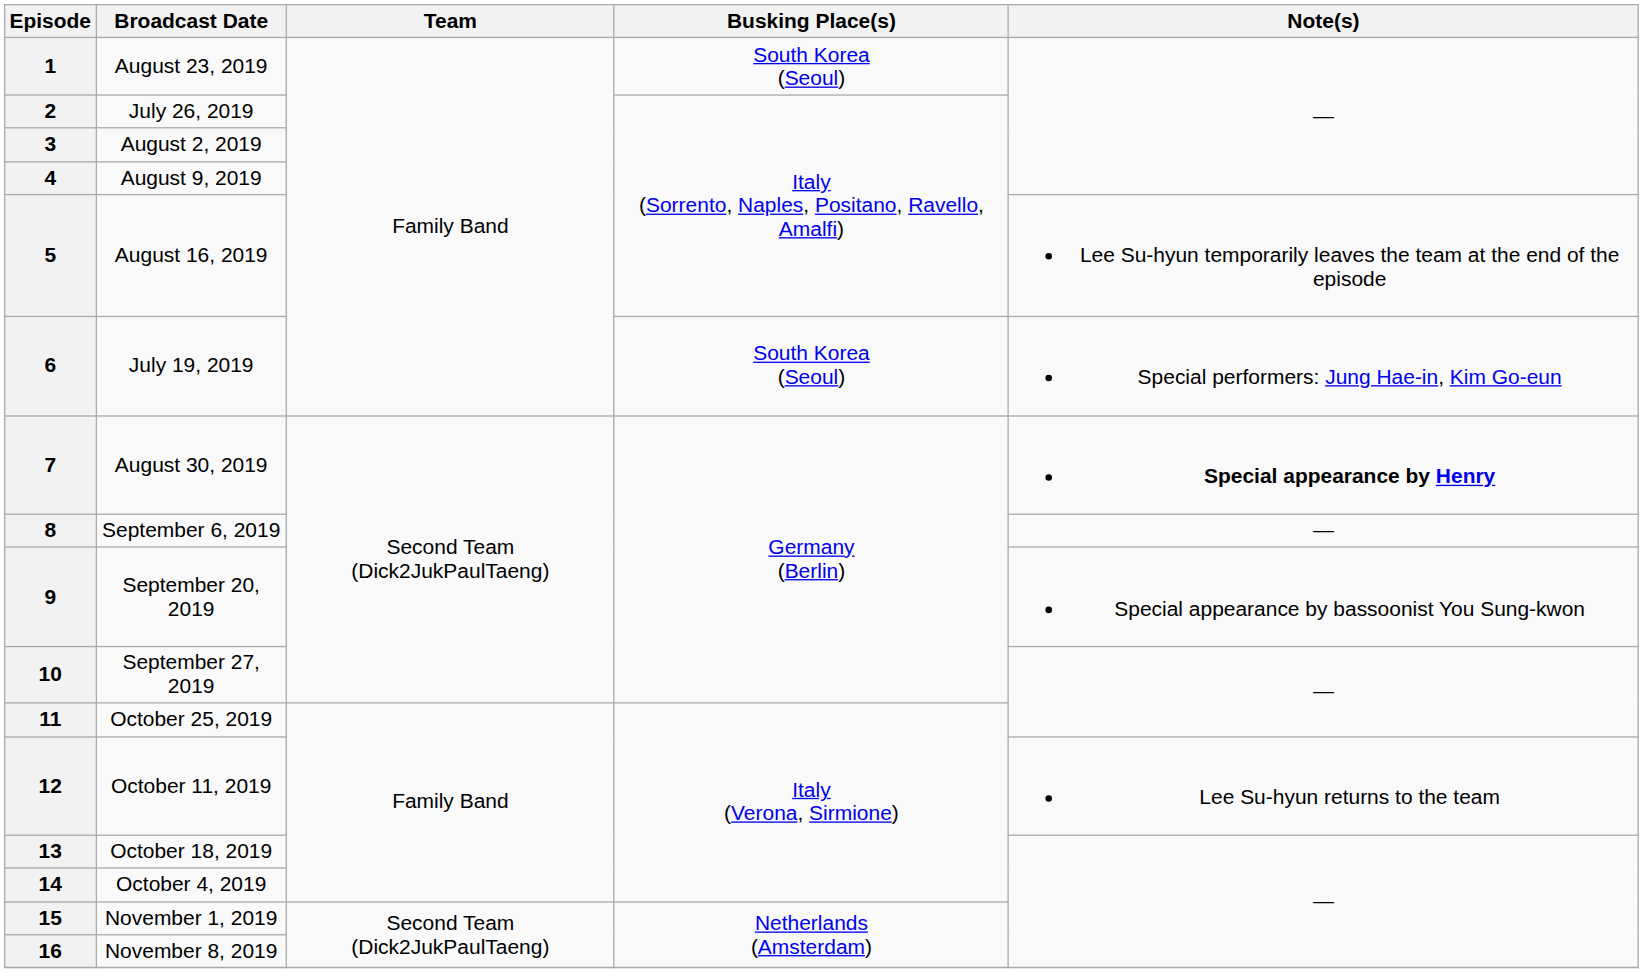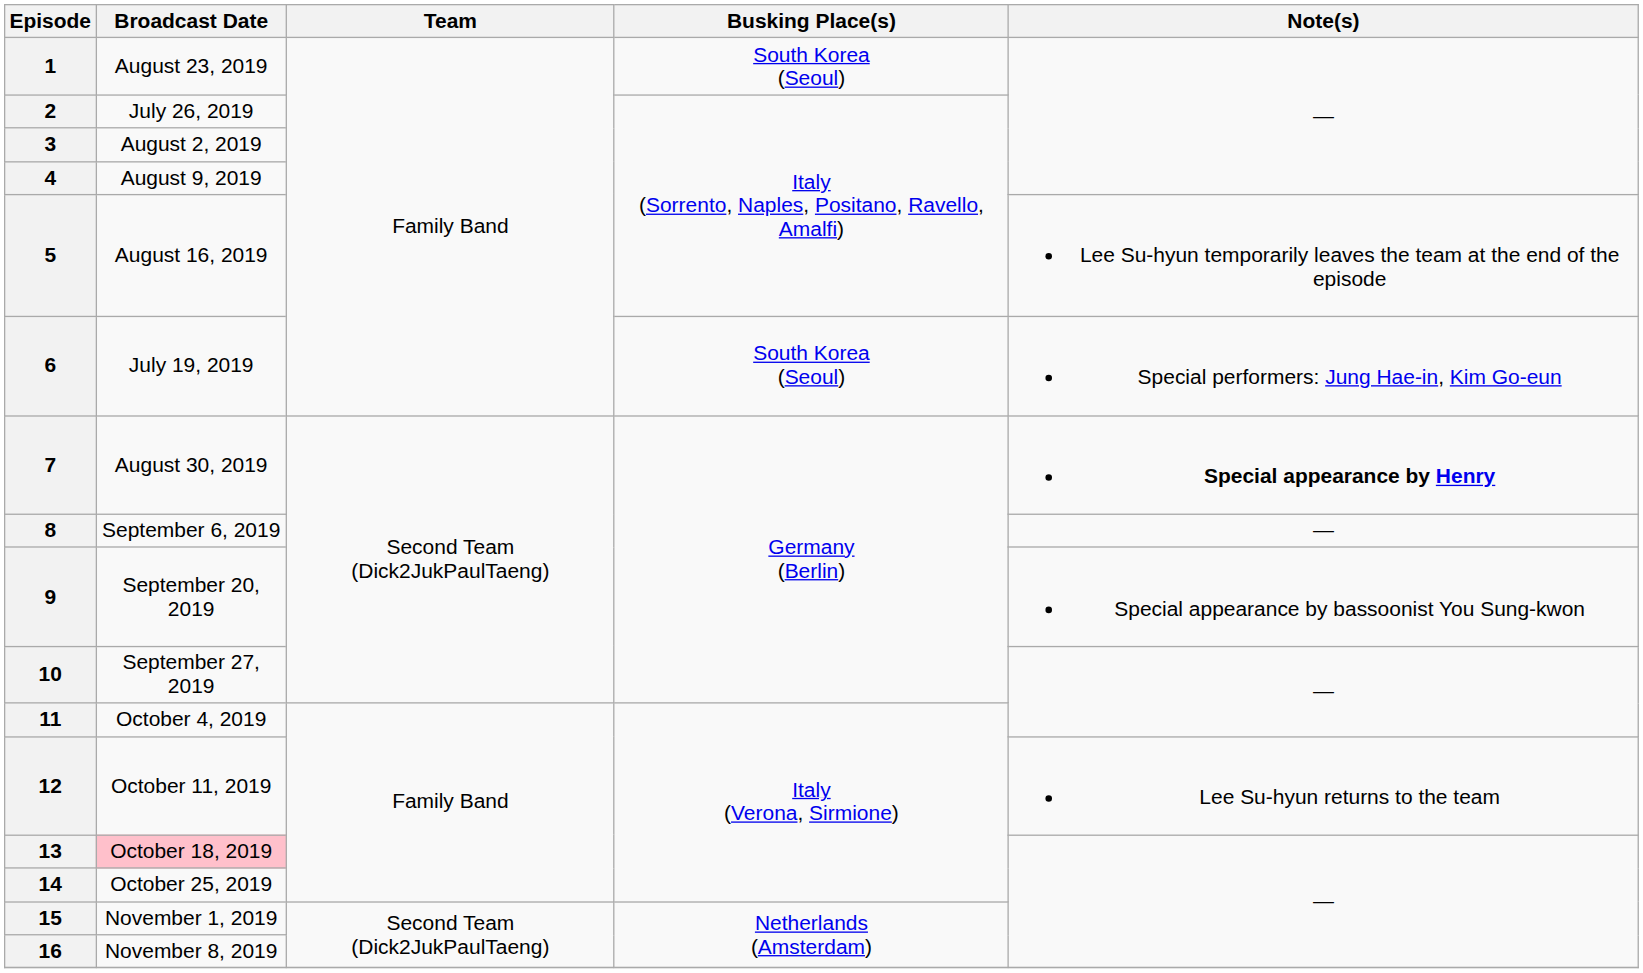 <table class="wikitable" style="text-align:center;">
 <tr>
 <th width=20>Episode</th>
 <th>Broadcast Date</th>
 <th>Team</th>
 <th>Busking Place(s)</th>
 <th>Note(s)</th>
 </tr>
 <tr>
 <th>1</th>
 <td>August 23, 2019</td>
 <td rowspan="6">Family Band</td>
 <td><a href='#'>South Korea</a><br>(<a href='#'>Seoul</a>)</td>
 <td rowspan="4">—</td>
 </tr>
 <tr>
 <th>2</th>
 <td>July 26, 2019</td>
 <td rowspan="4"><a href='#'>Italy</a><br>(<a href='#'>Sorrento</a>, <a href='#'>Naples</a>, <a href='#'>Positano</a>, <a href='#'>Ravello</a>, <a href='#'>Amalfi</a>)</td>
 </tr>
 <tr>
 <th>3</th>
 <td>August 2, 2019</td>
 </tr>
 <tr>
 <th>4</th>
 <td>August 9, 2019</td>
 </tr>
 <tr>
 <th>5</th>
 <td>August 16, 2019</td>
 <td><br><ul><li>Lee Su-hyun temporarily leaves the team at the end of the episode</li></ul></td>
 </tr>
 <tr>
 <th>6</th>
 <td>July 19, 2019</td>
 <td><a href='#'>South Korea</a><br>(<a href='#'>Seoul</a>)</td>
 <td><br><ul><li>Special performers: <a href='#'>Jung Hae-in</a>, <a href='#'>Kim Go-eun</a></li></ul></td>
 </tr>
 <tr>
 <th>7</th>
 <td>August 30, 2019</td>
 <td rowspan="4">Second Team (Dick2JukPaulTaeng)</td>
 <td rowspan="4"><a href='#'>Germany</a><br>(<a href='#'>Berlin</a>)</td>
 <td><strong><br><ul><li>Special appearance by <a href='#'>Henry</a></li></ul></strong></td>
 </tr>
 <tr>
 <th>8</th>
 <td>September 6, 2019</td>
 <td>—</td>
 </tr>
 <tr>
 <th>9</th>
 <td>September 20, 2019</td>
 <td><br><ul><li>Special appearance by bassoonist You Sung-kwon</li></ul></td>
 </tr>
 <tr>
 <th>10</th>
 <td>September 27, 2019</td>
 <td rowspan="2">—</td>
 </tr>
 <tr>
 <th>11</th>
-<td>October 25, 2019</td>
+<td>October 4, 2019</td>
 <td rowspan="4">Family Band</td>
 <td rowspan="4"><a href='#'>Italy</a><br>(<a href='#'>Verona</a>, <a href='#'>Sirmione</a>)</td>
 </tr>
 <tr>
 <th>12</th>
 <td>October 11, 2019</td>
 <td><br><ul><li>Lee Su-hyun returns to the team</li></ul></td>
 </tr>
 <tr>
 <th>13</th>
-<td>October 18, 2019</td>
+<td style="background: pink;">October 18, 2019</td>
 <td rowspan="4">—</td>
 </tr>
 <tr>
 <th>14</th>
-<td>October 4, 2019</td>
+<td>October 25, 2019</td>
 </tr>
 <tr>
 <th>15</th>
 <td>November 1, 2019</td>
 <td rowspan="2">Second Team (Dick2JukPaulTaeng)</td>
 <td rowspan="2"><a href='#'>Netherlands</a><br>(<a href='#'>Amsterdam</a>)</td>
 </tr>
 <tr>
 <th>16</th>
 <td>November 8, 2019</td>
 </tr>
 <tr>
 </tr>
 </table>
